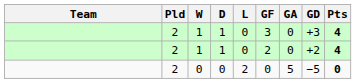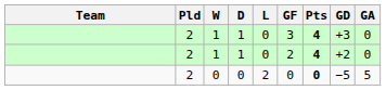 <table class="wikitable" style="text-align: center;">
 <tr>
 <th width="175">Team</th>
 <th width="20">Pld</th>
 <th width="20">W</th>
 <th width="20">D</th>
 <th width="20">L</th>
 <th width="20">GF</th>
+<th width="20">Pts</th>
+<th width="20">GD</th>
 <th width="20">GA</th>
-<th width="20">GD</th>
-<th width="20">Pts</th>
 </tr>
 <tr bgcolor=#ccffcc>
 <td align=left></td>
 <td>2</td>
 <td>1</td>
 <td>1</td>
 <td>0</td>
 <td>3</td>
+<td><strong>4</strong></td>
+<td>+3</td>
 <td>0</td>
-<td>+3</td>
-<td><strong>4</strong></td>
 </tr>
 <tr bgcolor=#ccffcc>
 <td align=left></td>
 <td>2</td>
 <td>1</td>
 <td>1</td>
 <td>0</td>
 <td>2</td>
+<td><strong>4</strong></td>
+<td>+2</td>
 <td>0</td>
-<td>+2</td>
-<td><strong>4</strong></td>
 </tr>
 <tr>
 <td align=left></td>
 <td>2</td>
 <td>0</td>
 <td>0</td>
 <td>2</td>
 <td>0</td>
+<td><strong>0</strong></td>
+<td>−5</td>
 <td>5</td>
-<td>−5</td>
-<td><strong>0</strong></td>
 </tr>
 </table>
